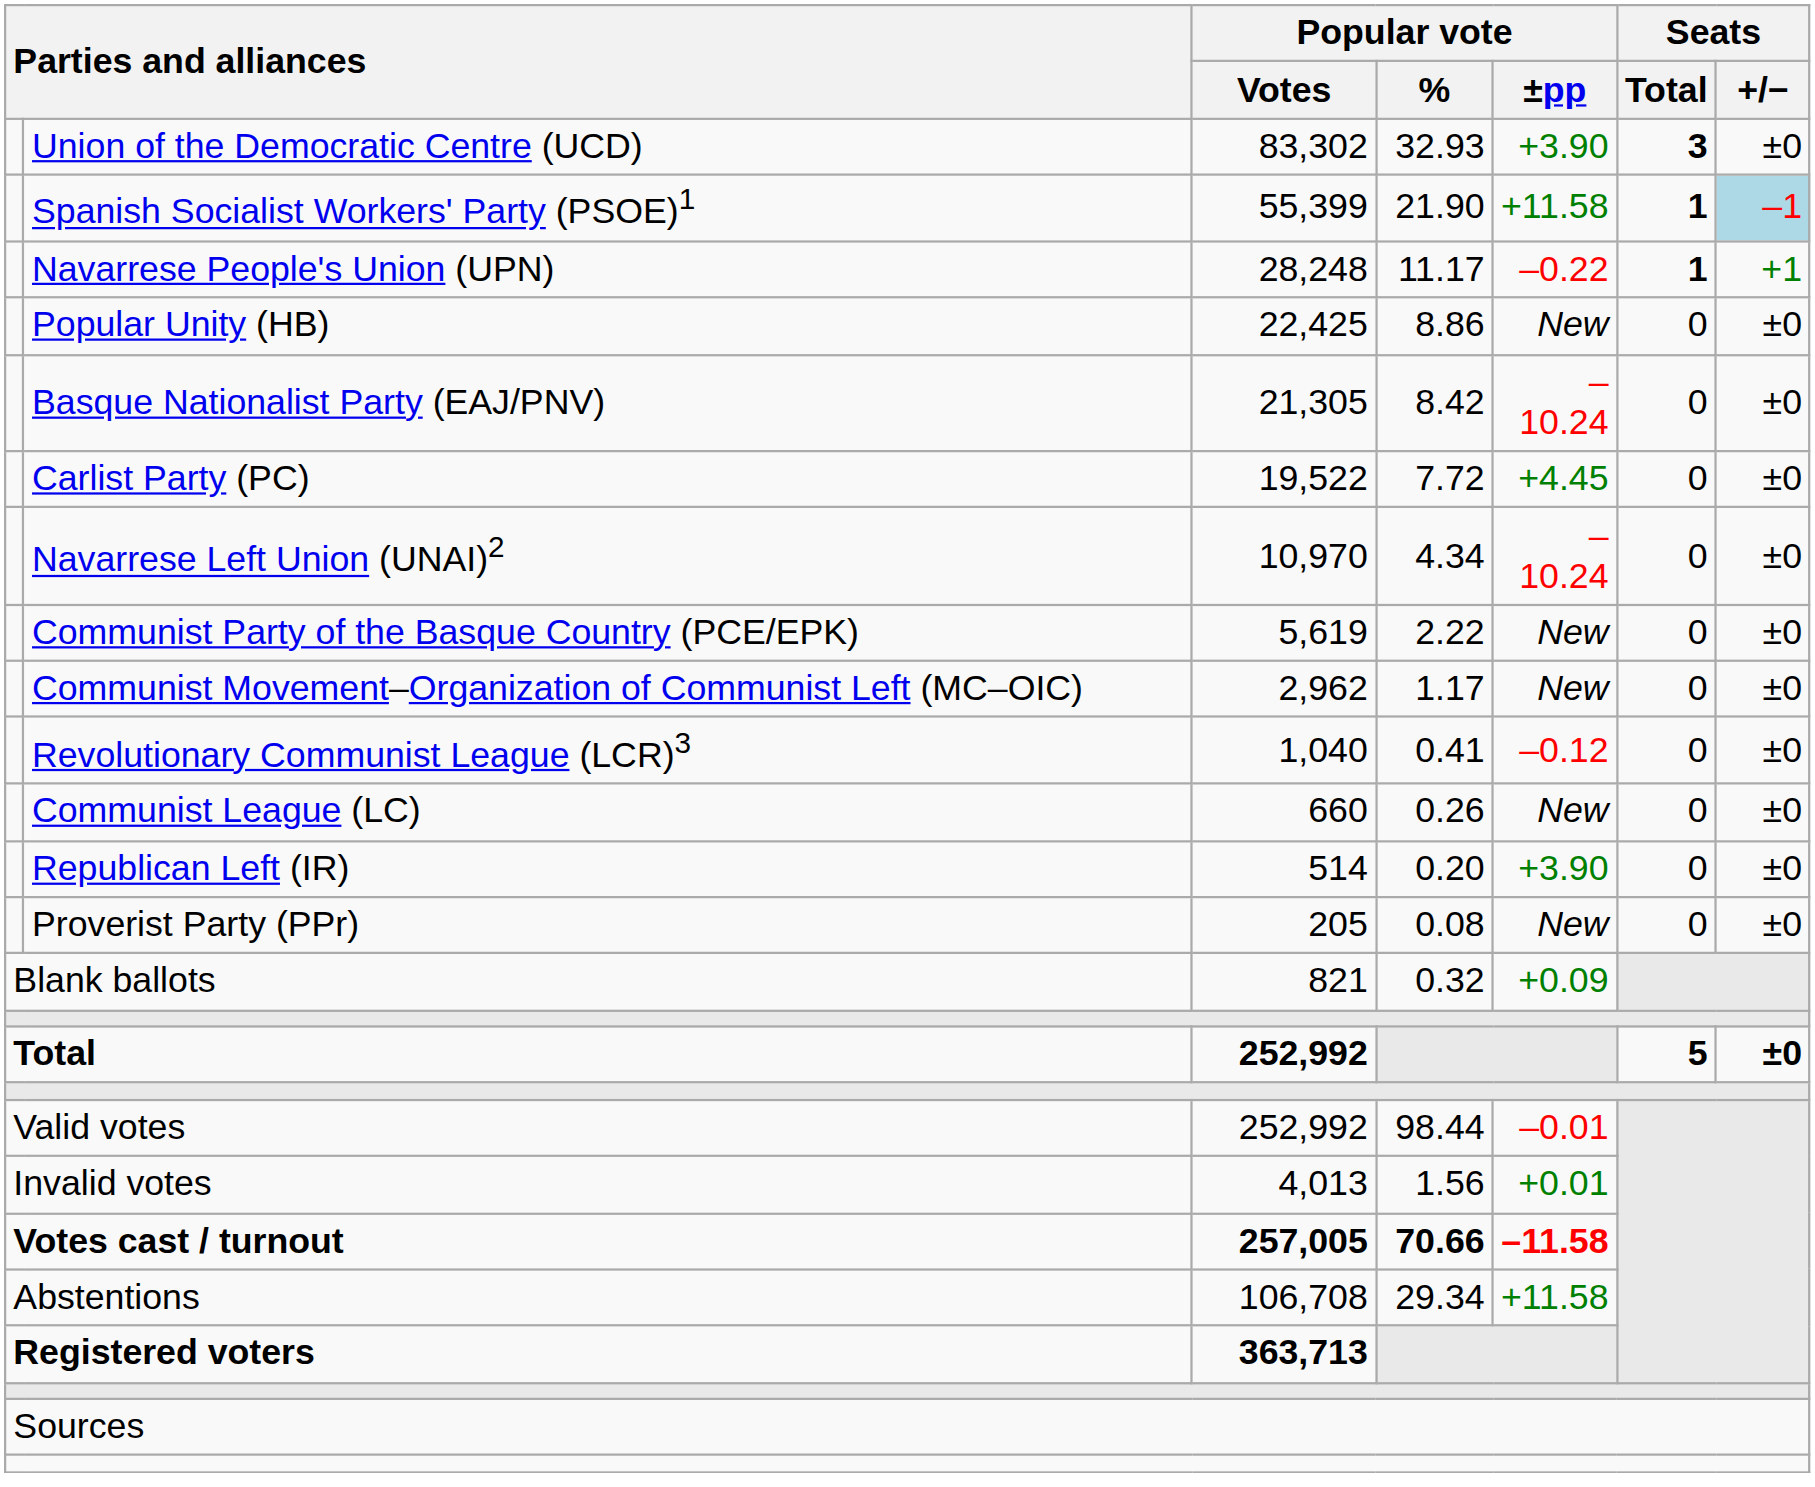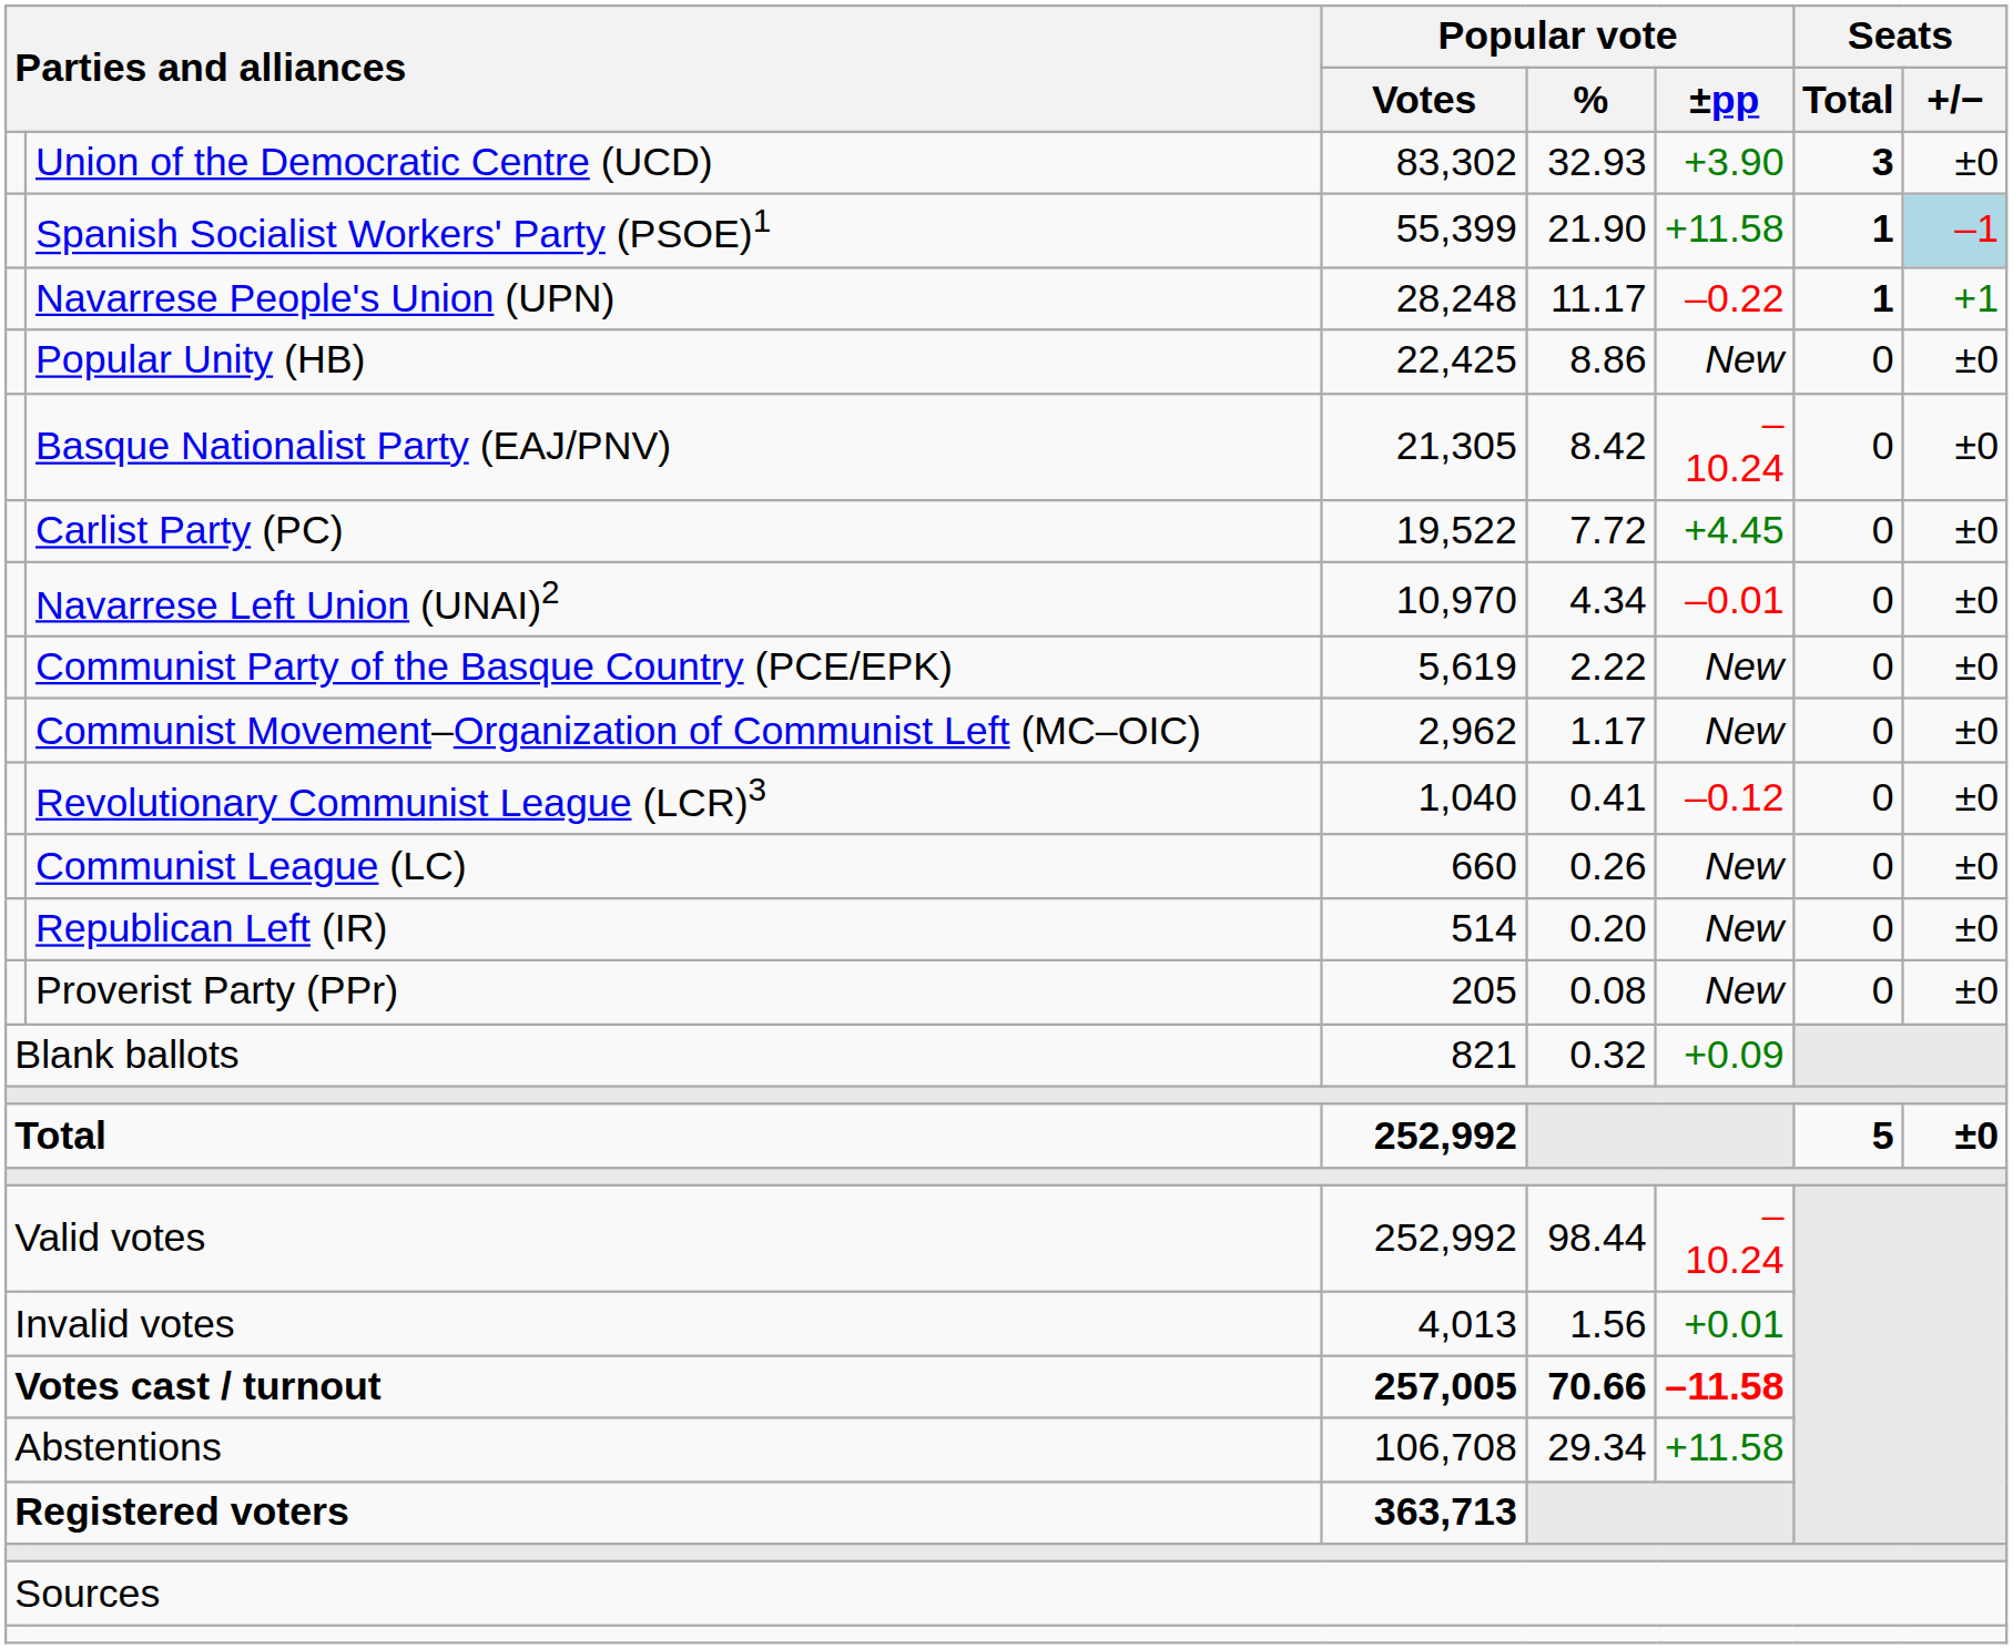 <table class="wikitable" style="text-align:right;">
 <tr>
 <th style="text-align:left;" rowspan="2" colspan="2" width="525">Parties and alliances</th>
 <th colspan="3">Popular vote</th>
 <th colspan="2">Seats</th>
 </tr>
 <tr>
 <th width="75">Votes</th>
 <th width="45">%</th>
 <th width="45">±<a href='#'>pp</a></th>
 <th width="35">Total</th>
 <th width="35">+/−</th>
 </tr>
 <tr>
 <td width="1" style="color:inherit;background:"></td>
 <td align="left"><a href='#'>Union of the Democratic Centre</a> (UCD)</td>
 <td>83,302</td>
 <td>32.93</td>
 <td style="color:green;">+3.90</td>
 <td><strong>3</strong></td>
 <td>±0</td>
 </tr>
 <tr>
 <td style="color:inherit;background:"></td>
 <td align="left"><a href='#'>Spanish Socialist Workers' Party</a> (PSOE)<sup>1</sup></td>
 <td>55,399</td>
 <td>21.90</td>
 <td style="color:green;">+11.58</td>
 <td><strong>1</strong></td>
 <td style="background: lightblue; color:red;">–1</td>
 </tr>
 <tr>
 <td style="color:inherit;background:"></td>
 <td align="left"><a href='#'>Navarrese People's Union</a> (UPN)</td>
 <td>28,248</td>
 <td>11.17</td>
 <td style="color:red;">–0.22</td>
 <td><strong>1</strong></td>
 <td style="color:green;">+1</td>
 </tr>
 <tr>
 <td style="color:inherit;background:"></td>
 <td align="left"><a href='#'>Popular Unity</a> (HB)</td>
 <td>22,425</td>
 <td>8.86</td>
 <td><em>New</em></td>
 <td>0</td>
 <td>±0</td>
 </tr>
 <tr>
 <td style="color:inherit;background:"></td>
 <td align="left"><a href='#'>Basque Nationalist Party</a> (EAJ/PNV)</td>
 <td>21,305</td>
 <td>8.42</td>
 <td style="color:red;">–10.24</td>
 <td>0</td>
 <td>±0</td>
 </tr>
 <tr>
 <td style="color:inherit;background:"></td>
 <td align="left"><a href='#'>Carlist Party</a> (PC)</td>
 <td>19,522</td>
 <td>7.72</td>
 <td style="color:green;">+4.45</td>
 <td>0</td>
 <td>±0</td>
 </tr>
 <tr>
 <td style="color:inherit;background:"></td>
 <td align="left"><a href='#'>Navarrese Left Union</a> (UNAI)<sup>2</sup></td>
 <td>10,970</td>
 <td>4.34</td>
-<td style="color:red;">–10.24</td>
+<td style="color:red;">–0.01</td>
 <td>0</td>
 <td>±0</td>
 </tr>
 <tr>
 <td style="color:inherit;background:"></td>
 <td align="left"><a href='#'>Communist Party of the Basque Country</a> (PCE/EPK)</td>
 <td>5,619</td>
 <td>2.22</td>
 <td><em>New</em></td>
 <td>0</td>
 <td>±0</td>
 </tr>
 <tr>
 <td style="color:inherit;background:"></td>
 <td align="left"><a href='#'>Communist Movement</a>–<a href='#'>Organization of Communist Left</a> (MC–OIC)</td>
 <td>2,962</td>
 <td>1.17</td>
 <td><em>New</em></td>
 <td>0</td>
 <td>±0</td>
 </tr>
 <tr>
 <td style="color:inherit;background:"></td>
 <td align="left"><a href='#'>Revolutionary Communist League</a> (LCR)<sup>3</sup></td>
 <td>1,040</td>
 <td>0.41</td>
 <td style="color:red;">–0.12</td>
 <td>0</td>
 <td>±0</td>
 </tr>
 <tr>
 <td style="color:inherit;background:"></td>
 <td align="left"><a href='#'>Communist League</a> (LC)</td>
 <td>660</td>
 <td>0.26</td>
 <td><em>New</em></td>
 <td>0</td>
 <td>±0</td>
 </tr>
 <tr>
 <td style="color:inherit;background:"></td>
 <td align="left"><a href='#'>Republican Left</a> (IR)</td>
 <td>514</td>
 <td>0.20</td>
-<td style="color:green;">+3.90</td>
+<td><em>New</em></td>
 <td>0</td>
 <td>±0</td>
 </tr>
 <tr>
 <td style="color:inherit;background:"></td>
 <td align="left">Proverist Party (PPr)</td>
 <td>205</td>
 <td>0.08</td>
 <td><em>New</em></td>
 <td>0</td>
 <td>±0</td>
 </tr>
 <tr>
 <td align="left" colspan="2">Blank ballots</td>
 <td>821</td>
 <td>0.32</td>
 <td style="color:green;">+0.09</td>
 <td bgcolor="#E9E9E9" colspan="2"></td>
 </tr>
 <tr>
 <td colspan="7" bgcolor="#E9E9E9"></td>
 </tr>
 <tr style="font-weight:bold;">
 <td align="left" colspan="2">Total</td>
 <td>252,992</td>
 <td bgcolor="#E9E9E9" colspan="2"></td>
 <td>5</td>
 <td>±0</td>
 </tr>
 <tr>
 <td colspan="7" bgcolor="#E9E9E9"></td>
 </tr>
 <tr>
 <td align="left" colspan="2">Valid votes</td>
 <td>252,992</td>
 <td>98.44</td>
-<td style="color:red;">–0.01</td>
+<td style="color:red;">–10.24</td>
 <td bgcolor="#E9E9E9" colspan="2" rowspan="5"></td>
 </tr>
 <tr>
 <td align="left" colspan="2">Invalid votes</td>
 <td>4,013</td>
 <td>1.56</td>
 <td style="color:green;">+0.01</td>
 </tr>
 <tr style="font-weight:bold;">
 <td align="left" colspan="2">Votes cast / turnout</td>
 <td>257,005</td>
 <td>70.66</td>
 <td style="color:red;">–11.58</td>
 </tr>
 <tr>
 <td align="left" colspan="2">Abstentions</td>
 <td>106,708</td>
 <td>29.34</td>
 <td style="color:green;">+11.58</td>
 </tr>
 <tr style="font-weight:bold;">
 <td align="left" colspan="2">Registered voters</td>
 <td>363,713</td>
 <td bgcolor="#E9E9E9" colspan="2"></td>
 </tr>
 <tr>
 <td colspan="7" bgcolor="#E9E9E9"></td>
 </tr>
 <tr>
 <td align="left" colspan="7">Sources</td>
 </tr>
 <tr>
 <td colspan="7" style="text-align:left; max-width:790px;"></td>
 </tr>
 </table>
